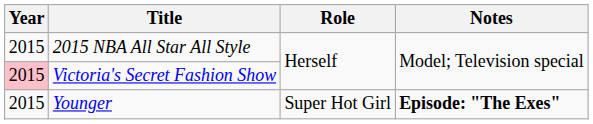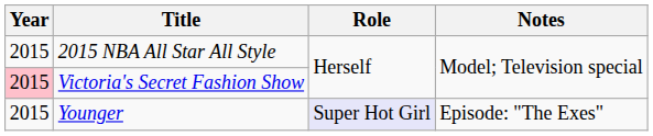 <table class="wikitable">
 <tr>
 <th>Year</th>
 <th>Title</th>
 <th>Role</th>
 <th>Notes</th>
 </tr>
 <tr>
 <td>2015</td>
 <td><em>2015 NBA All Star All Style</em></td>
 <td rowspan="2">Herself</td>
 <td rowspan="2">Model; Television special</td>
 </tr>
 <tr>
 <td style="background: pink;">2015</td>
 <td><em><a href='#'>Victoria's Secret Fashion Show</a></em></td>
 </tr>
 <tr>
 <td>2015</td>
 <td><em><a href='#'>Younger</a></em></td>
-<td>Super Hot Girl</td>
-<td><strong>Episode: "The Exes"</strong></td>
+<td style="background: lavender;">Super Hot Girl</td>
+<td>Episode: "The Exes"</td>
 </tr>
 </table>
